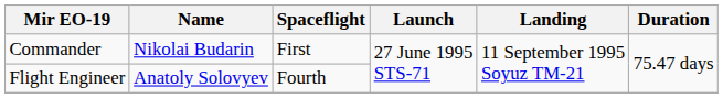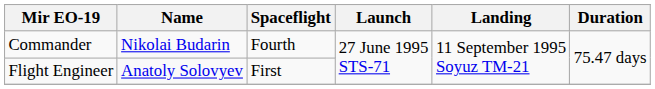 <table class="wikitable">
 <tr>
 <th>Mir EO-19</th>
 <th>Name</th>
 <th>Spaceflight</th>
 <th>Launch</th>
 <th>Landing</th>
 <th>Duration</th>
 </tr>
 <tr>
 <td>Commander</td>
 <td> <a href='#'>Nikolai Budarin</a></td>
-<td>First</td>
+<td>Fourth</td>
 <td rowspan="2">27 June 1995 <br> <a href='#'>STS-71</a></td>
 <td rowspan="2">11 September 1995 <br> <a href='#'>Soyuz TM-21</a></td>
 <td rowspan="2">75.47 days</td>
 </tr>
 <tr>
 <td>Flight Engineer</td>
 <td> <a href='#'>Anatoly Solovyev</a></td>
-<td>Fourth</td>
+<td>First</td>
 </tr>
 <tr>
 </tr>
 </table>
